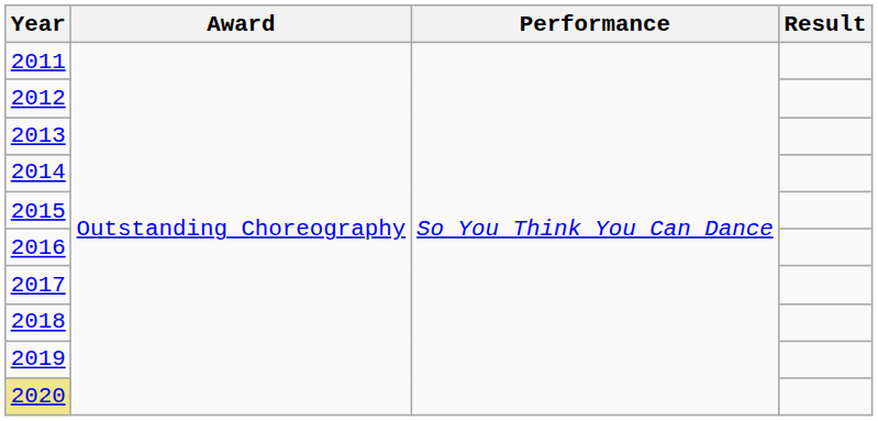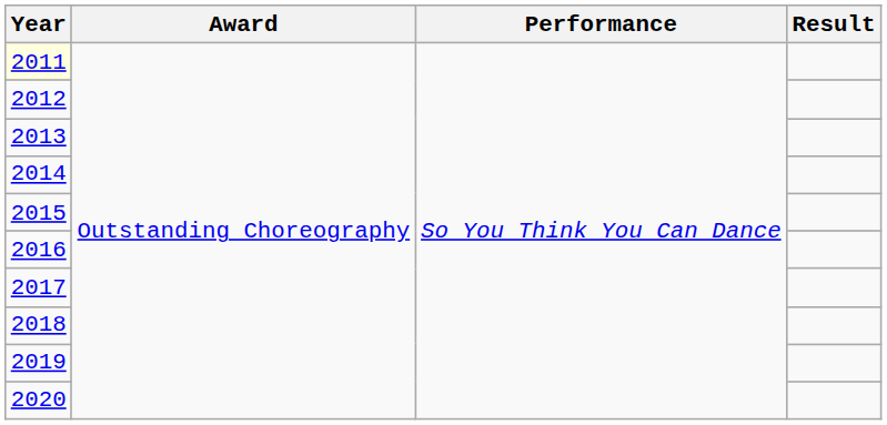 <table class="wikitable">
 <tr>
 <th>Year</th>
 <th>Award</th>
 <th>Performance</th>
 <th>Result</th>
 </tr>
 <tr>
-<td><a href='#'>2011</a></td>
+<td style="background: lightyellow;"><a href='#'>2011</a></td>
 <td rowspan="10"><a href='#'>Outstanding Choreography</a></td>
 <td rowspan="10"><em><a href='#'>So You Think You Can Dance</a></em></td>
 <td></td>
 </tr>
 <tr>
 <td><a href='#'>2012</a></td>
 <td></td>
 </tr>
 <tr>
 <td><a href='#'>2013</a></td>
 <td></td>
 </tr>
 <tr>
 <td><a href='#'>2014</a></td>
 <td></td>
 </tr>
 <tr>
 <td><a href='#'>2015</a></td>
 <td></td>
 </tr>
 <tr>
 <td><a href='#'>2016</a></td>
 <td></td>
 </tr>
 <tr>
 <td><a href='#'>2017</a></td>
 <td></td>
 </tr>
 <tr>
 <td><a href='#'>2018</a></td>
 <td></td>
 </tr>
 <tr>
 <td><a href='#'>2019</a></td>
 <td></td>
 </tr>
 <tr>
-<td style="background: khaki;"><a href='#'>2020</a></td>
+<td><a href='#'>2020</a></td>
 <td></td>
 </tr>
 </table>
